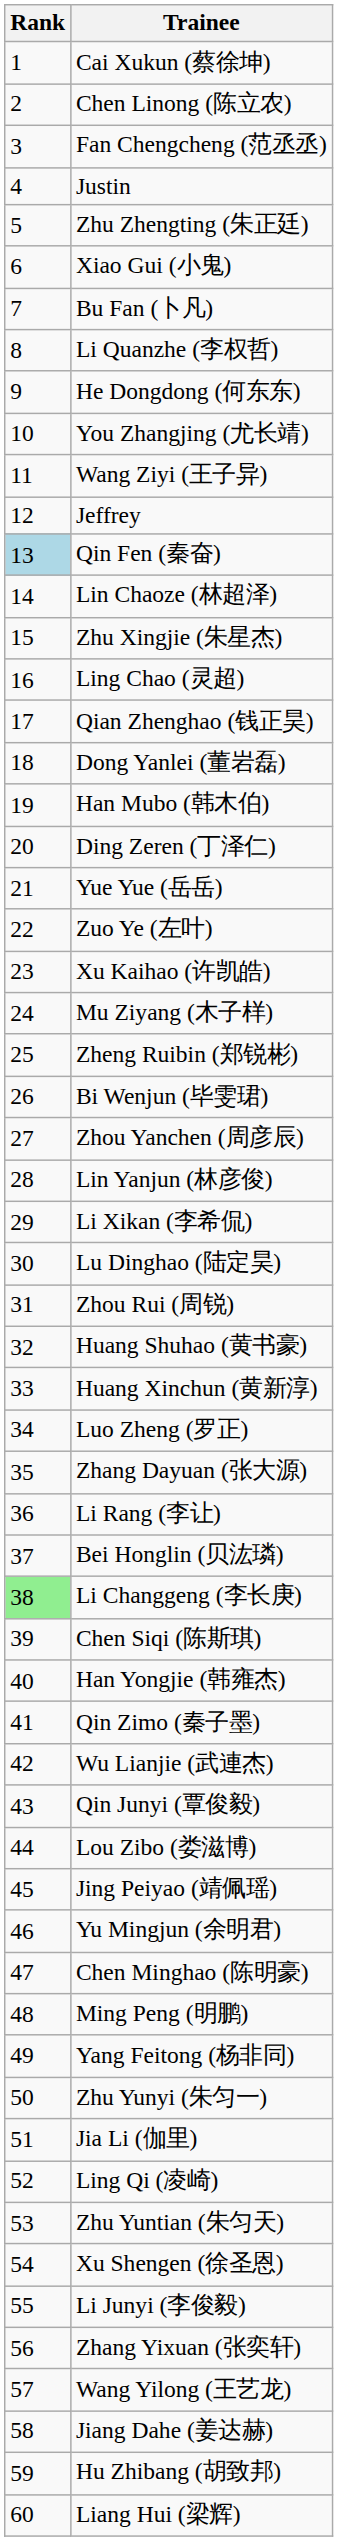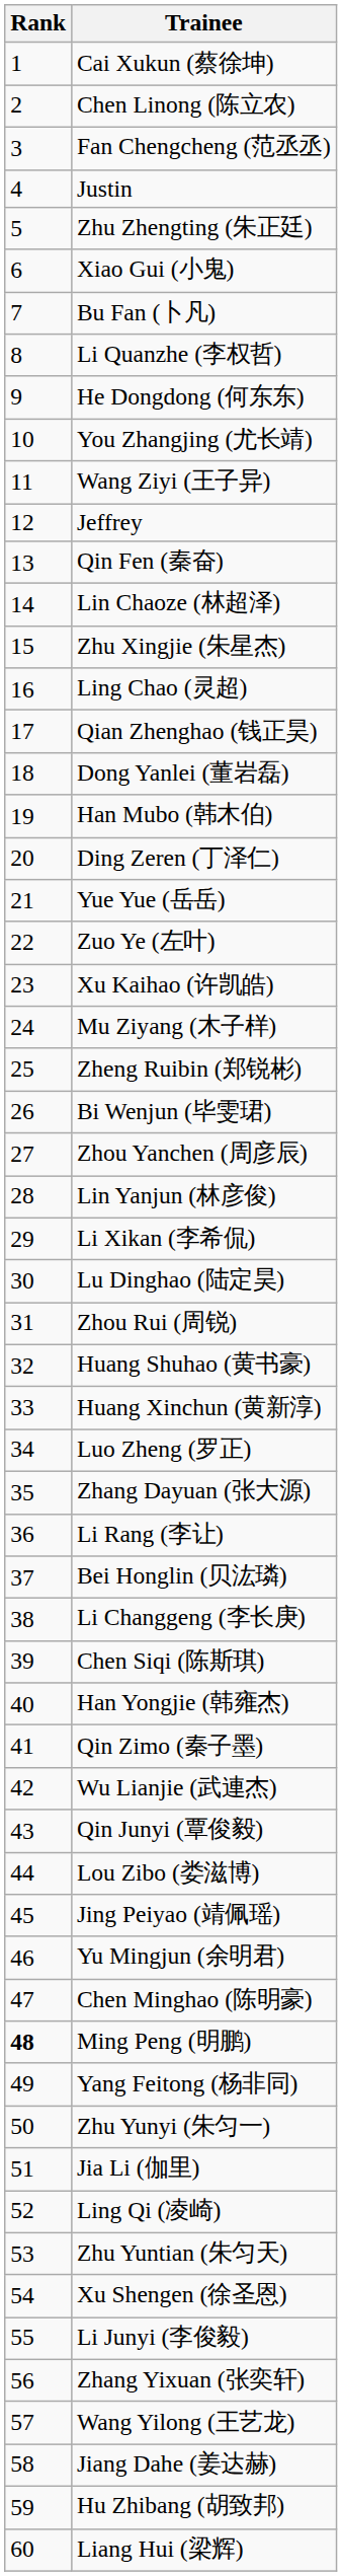 <table class="wikitable sortable">
 <tr>
 <th>Rank</th>
 <th>Trainee</th>
 </tr>
 <tr>
 <td>1</td>
 <td>Cai Xukun (蔡徐坤)</td>
 </tr>
 <tr>
 <td>2</td>
 <td>Chen Linong (陈立农)</td>
 </tr>
 <tr>
 <td>3</td>
 <td>Fan Chengcheng (范丞丞)</td>
 </tr>
 <tr>
 <td>4</td>
 <td>Justin</td>
 </tr>
 <tr>
 <td>5</td>
 <td>Zhu Zhengting (朱正廷)</td>
 </tr>
 <tr>
 <td>6</td>
 <td>Xiao Gui (小鬼)</td>
 </tr>
 <tr>
 <td>7</td>
 <td>Bu Fan (卜凡)</td>
 </tr>
 <tr>
 <td>8</td>
 <td>Li Quanzhe (李权哲)</td>
 </tr>
 <tr>
 <td>9</td>
 <td>He Dongdong (何东东)</td>
 </tr>
 <tr>
 <td>10</td>
 <td>You Zhangjing (尤长靖)</td>
 </tr>
 <tr>
 <td>11</td>
 <td>Wang Ziyi (王子异)</td>
 </tr>
 <tr>
 <td>12</td>
 <td>Jeffrey</td>
 </tr>
 <tr>
-<td style="background: lightblue;">13</td>
+<td>13</td>
 <td>Qin Fen (秦奋)</td>
 </tr>
 <tr>
 <td>14</td>
 <td>Lin Chaoze (林超泽)</td>
 </tr>
 <tr>
 <td>15</td>
 <td>Zhu Xingjie (朱星杰)</td>
 </tr>
 <tr>
 <td>16</td>
 <td>Ling Chao (灵超)</td>
 </tr>
 <tr>
 <td>17</td>
 <td>Qian Zhenghao (钱正昊)</td>
 </tr>
 <tr>
 <td>18</td>
 <td>Dong Yanlei (董岩磊)</td>
 </tr>
 <tr>
 <td>19</td>
 <td>Han Mubo (韩木伯)</td>
 </tr>
 <tr>
 <td>20</td>
 <td>Ding Zeren (丁泽仁)</td>
 </tr>
 <tr>
 <td>21</td>
 <td>Yue Yue (岳岳)</td>
 </tr>
 <tr>
 <td>22</td>
 <td>Zuo Ye (左叶)</td>
 </tr>
 <tr>
 <td>23</td>
 <td>Xu Kaihao (许凯皓)</td>
 </tr>
 <tr>
 <td>24</td>
 <td>Mu Ziyang (木子样)</td>
 </tr>
 <tr>
 <td>25</td>
 <td>Zheng Ruibin (郑锐彬)</td>
 </tr>
 <tr>
 <td>26</td>
 <td>Bi Wenjun (毕雯珺)</td>
 </tr>
 <tr>
 <td>27</td>
 <td>Zhou Yanchen (周彦辰)</td>
 </tr>
 <tr>
 <td>28</td>
 <td>Lin Yanjun (林彦俊)</td>
 </tr>
 <tr>
 <td>29</td>
 <td>Li Xikan (李希侃)</td>
 </tr>
 <tr>
 <td>30</td>
 <td>Lu Dinghao (陆定昊)</td>
 </tr>
 <tr>
 <td>31</td>
 <td>Zhou Rui (周锐)</td>
 </tr>
 <tr>
 <td>32</td>
 <td>Huang Shuhao (黄书豪)</td>
 </tr>
 <tr>
 <td>33</td>
 <td>Huang Xinchun (黄新淳)</td>
 </tr>
 <tr>
 <td>34</td>
 <td>Luo Zheng (罗正)</td>
 </tr>
 <tr>
 <td>35</td>
 <td>Zhang Dayuan (张大源)</td>
 </tr>
 <tr>
 <td>36</td>
 <td>Li Rang (李让)</td>
 </tr>
 <tr>
 <td>37</td>
 <td>Bei Honglin (贝汯璘)</td>
 </tr>
 <tr>
-<td style="background: lightgreen;">38</td>
+<td>38</td>
 <td>Li Changgeng (李长庚)</td>
 </tr>
 <tr>
 <td>39</td>
 <td>Chen Siqi (陈斯琪)</td>
 </tr>
 <tr>
 <td>40</td>
 <td>Han Yongjie (韩雍杰)</td>
 </tr>
 <tr>
 <td>41</td>
 <td>Qin Zimo (秦子墨)</td>
 </tr>
 <tr>
 <td>42</td>
 <td>Wu Lianjie (武連杰)</td>
 </tr>
 <tr>
 <td>43</td>
 <td>Qin Junyi (覃俊毅)</td>
 </tr>
 <tr>
 <td>44</td>
 <td>Lou Zibo (娄滋博)</td>
 </tr>
 <tr>
 <td>45</td>
 <td>Jing Peiyao (靖佩瑶)</td>
 </tr>
 <tr>
 <td>46</td>
 <td>Yu Mingjun (余明君)</td>
 </tr>
 <tr>
 <td>47</td>
 <td>Chen Minghao (陈明豪)</td>
 </tr>
 <tr>
-<td>48</td>
+<td><strong>48</strong></td>
 <td>Ming Peng (明鹏)</td>
 </tr>
 <tr>
 <td>49</td>
 <td>Yang Feitong (杨非同)</td>
 </tr>
 <tr>
 <td>50</td>
 <td>Zhu Yunyi (朱匀一)</td>
 </tr>
 <tr>
 <td>51</td>
 <td>Jia Li (伽里)</td>
 </tr>
 <tr>
 <td>52</td>
 <td>Ling Qi (凌崎)</td>
 </tr>
 <tr>
 <td>53</td>
 <td>Zhu Yuntian (朱匀天)</td>
 </tr>
 <tr>
 <td>54</td>
 <td>Xu Shengen (徐圣恩)</td>
 </tr>
 <tr>
 <td>55</td>
 <td>Li Junyi (李俊毅)</td>
 </tr>
 <tr>
 <td>56</td>
 <td>Zhang Yixuan (张奕轩)</td>
 </tr>
 <tr>
 <td>57</td>
 <td>Wang Yilong (王艺龙)</td>
 </tr>
 <tr>
 <td>58</td>
 <td>Jiang Dahe (姜达赫)</td>
 </tr>
 <tr>
 <td>59</td>
 <td>Hu Zhibang (胡致邦)</td>
 </tr>
 <tr>
 <td>60</td>
 <td>Liang Hui (梁辉)</td>
 </tr>
 </table>
